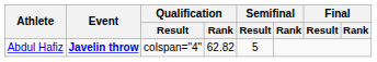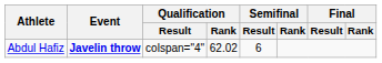 <table class=wikitable style=font-size:88%;text-align:center>
 <tr>
 <th rowspan=2>Athlete</th>
 <th rowspan=2>Event</th>
 <th colspan=2>Qualification</th>
 <th colspan=2>Semifinal</th>
 <th colspan=2>Final</th>
 </tr>
 <tr style="font-size:95%">
 <th>Result</th>
 <th>Rank</th>
 <th>Result</th>
 <th>Rank</th>
 <th>Result</th>
 <th>Rank</th>
 </tr>
 <tr>
 <td style="text-align:left" rowspan="2"><a href='#'>Abdul Hafiz</a></td>
 <td style="text-align:left" rowspan=1><strong><a href='#'>Javelin throw</a></strong></td>
 <td>colspan="4" </td>
-<td>62.82</td>
-<td>5</td>
+<td>62.02</td>
+<td>6</td>
 </tr>
 </table>
